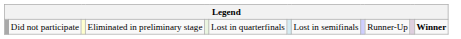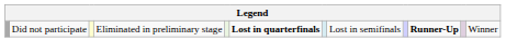 <table class="wikitable" style="font-size:80%">
 <tr bgcolor="#efefef">
 <th colspan="12">Legend</th>
 </tr>
 <tr>
 <td align="center" style="background:#a9a9a9;"></td>
 <td>Did not participate</td>
 <td align="center" style="background:#ffffcf;"></td>
 <td>Eliminated in preliminary stage</td>
 <td align="center" style="background:#eaf5e1;"></td>
-<td>Lost in quarterfinals</td>
+<td><strong>Lost in quarterfinals</strong></td>
 <td align="center" style="background:#d6ecf3;"></td>
 <td>Lost in semifinals</td>
 <td align="center" style="background:#cfcfff;"></td>
-<td>Runner-Up</td>
+<td><strong>Runner-Up</strong></td>
 <td align="center" style="background:#dfcfdf;"></td>
-<td><strong>Winner</strong></td>
+<td>Winner</td>
 </tr>
 </table>
